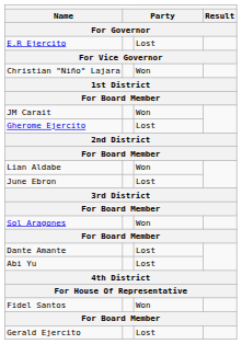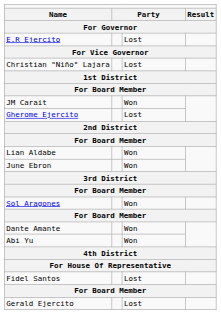 <table class="wikitable" style="font-size:90%">
 <tr>
 <td colspan="5" style="color:inherit;background:"></td>
 </tr>
 <tr>
 <th !width=150px>Name</th>
 <th colspan=2 width=110px>Party</th>
 <th>Result</th>
 </tr>
 <tr>
 <th colspan="5">For Governor</th>
 </tr>
 <tr>
 <td><a href='#'>E.R Ejercito</a></td>
 <td></td>
 <td>Lost</td>
 </tr>
 <tr>
 <th colspan="5">For Vice Governor</th>
 </tr>
 <tr>
 <td>Christian "Niño" Lajara</td>
 <td></td>
-<td>Won</td>
+<td>Lost</td>
 </tr>
 <tr>
 <th colspan="5">1st District</th>
 </tr>
 <tr>
 <th colspan="5">For Board Member</th>
 </tr>
 <tr>
 <td>JM Carait</td>
 <td></td>
 <td>Won</td>
 </tr>
 <tr>
 <td><a href='#'>Gherome Ejercito</a></td>
 <td></td>
 <td>Lost</td>
 </tr>
 <tr>
 <th colspan="5">2nd District</th>
 </tr>
 <tr>
 <th colspan="5">For Board Member</th>
 </tr>
 <tr>
 <td>Lian Aldabe</td>
 <td></td>
 <td>Won</td>
 </tr>
 <tr>
 <td>June Ebron</td>
 <td></td>
-<td>Lost</td>
+<td>Won</td>
 </tr>
 <tr>
 <th colspan="5">3rd District</th>
 </tr>
 <tr>
 <th colspan="5">For Board Member</th>
 </tr>
 <tr>
 <td><a href='#'>Sol Aragones</a></td>
 <td></td>
 <td>Won</td>
 </tr>
 <tr>
 <th colspan="5">For Board Member</th>
 </tr>
 <tr>
 <td>Dante Amante</td>
 <td></td>
-<td>Lost</td>
+<td>Won</td>
 </tr>
 <tr>
 <td>Abi Yu</td>
 <td></td>
-<td>Lost</td>
+<td>Won</td>
 </tr>
 <tr>
 <th colspan="5">4th District</th>
 </tr>
 <tr>
 <th colspan="5">For House Of Representative</th>
 </tr>
 <tr>
 <td>Fidel Santos</td>
 <td></td>
-<td>Won</td>
+<td>Lost</td>
 </tr>
 <tr>
 <th colspan="5">For Board Member</th>
 </tr>
 <tr>
 <td>Gerald Ejercito</td>
 <td></td>
 <td>Lost</td>
 </tr>
 </table>
